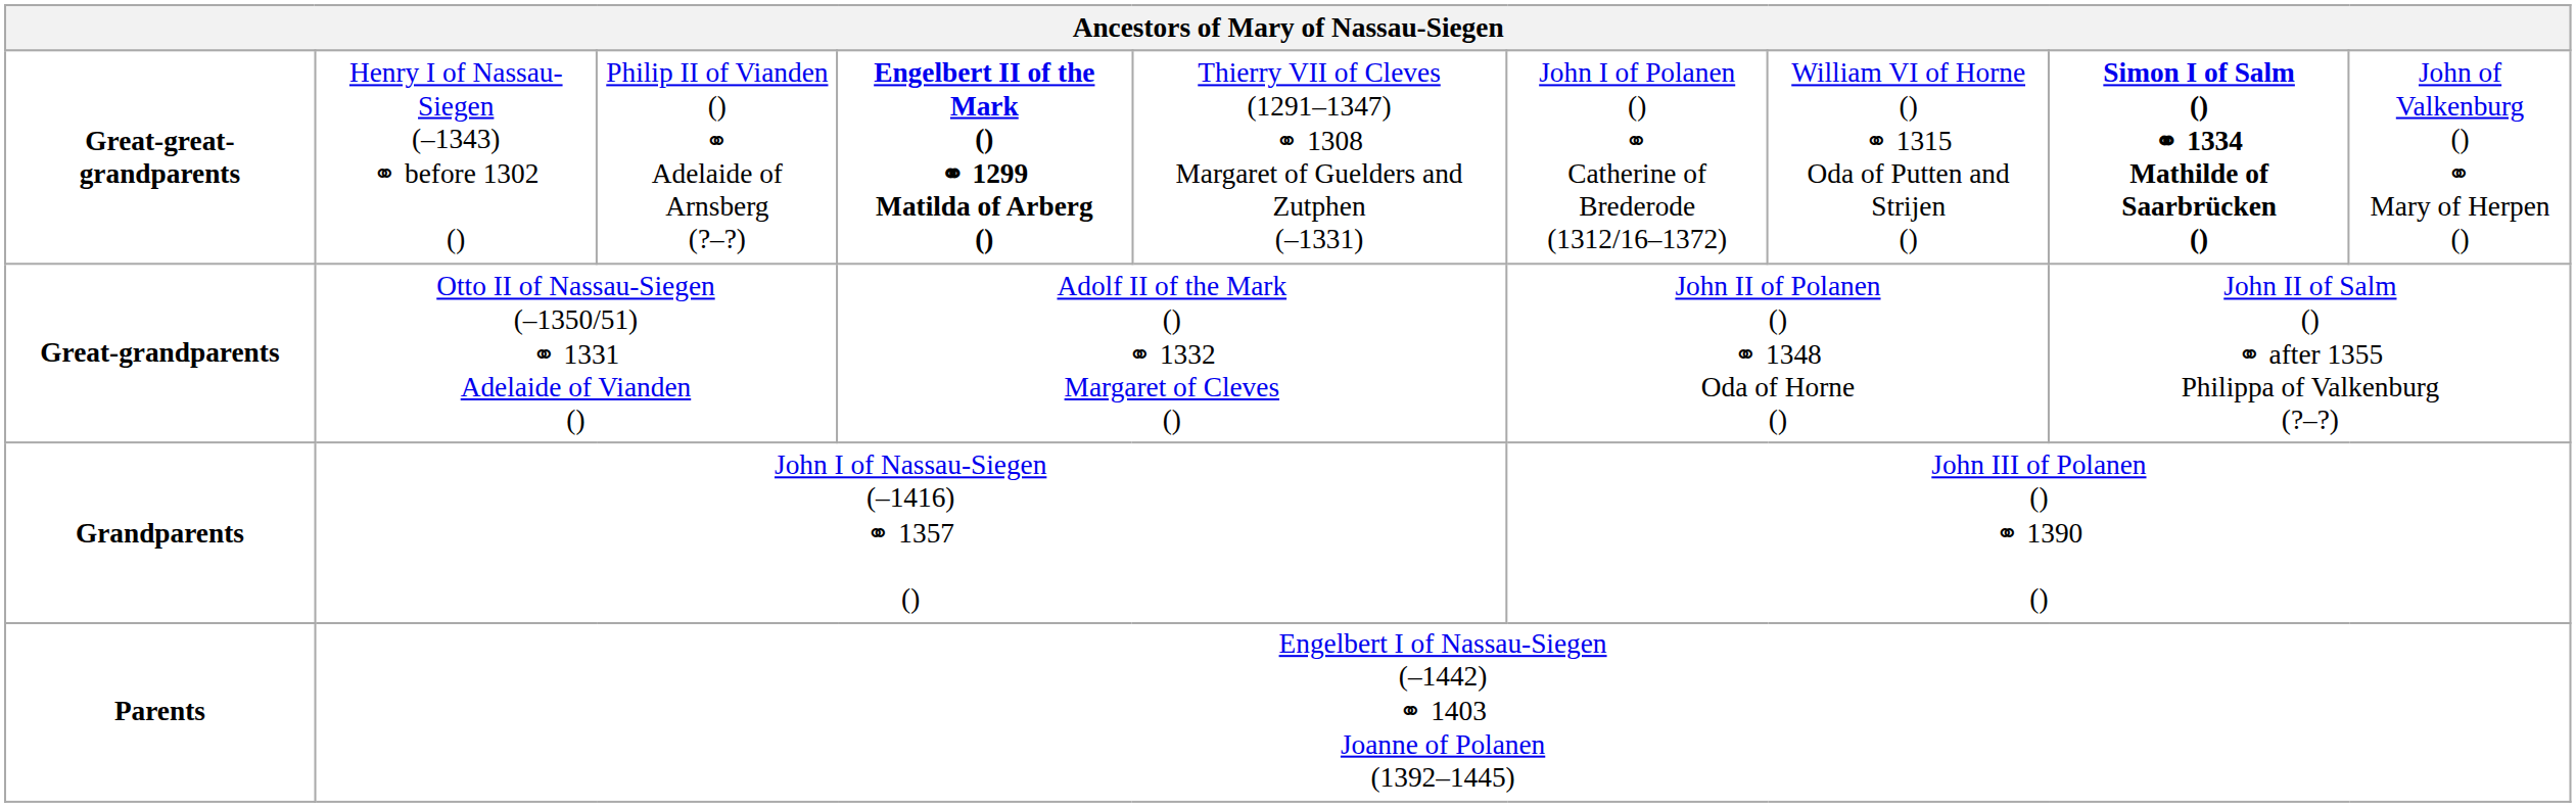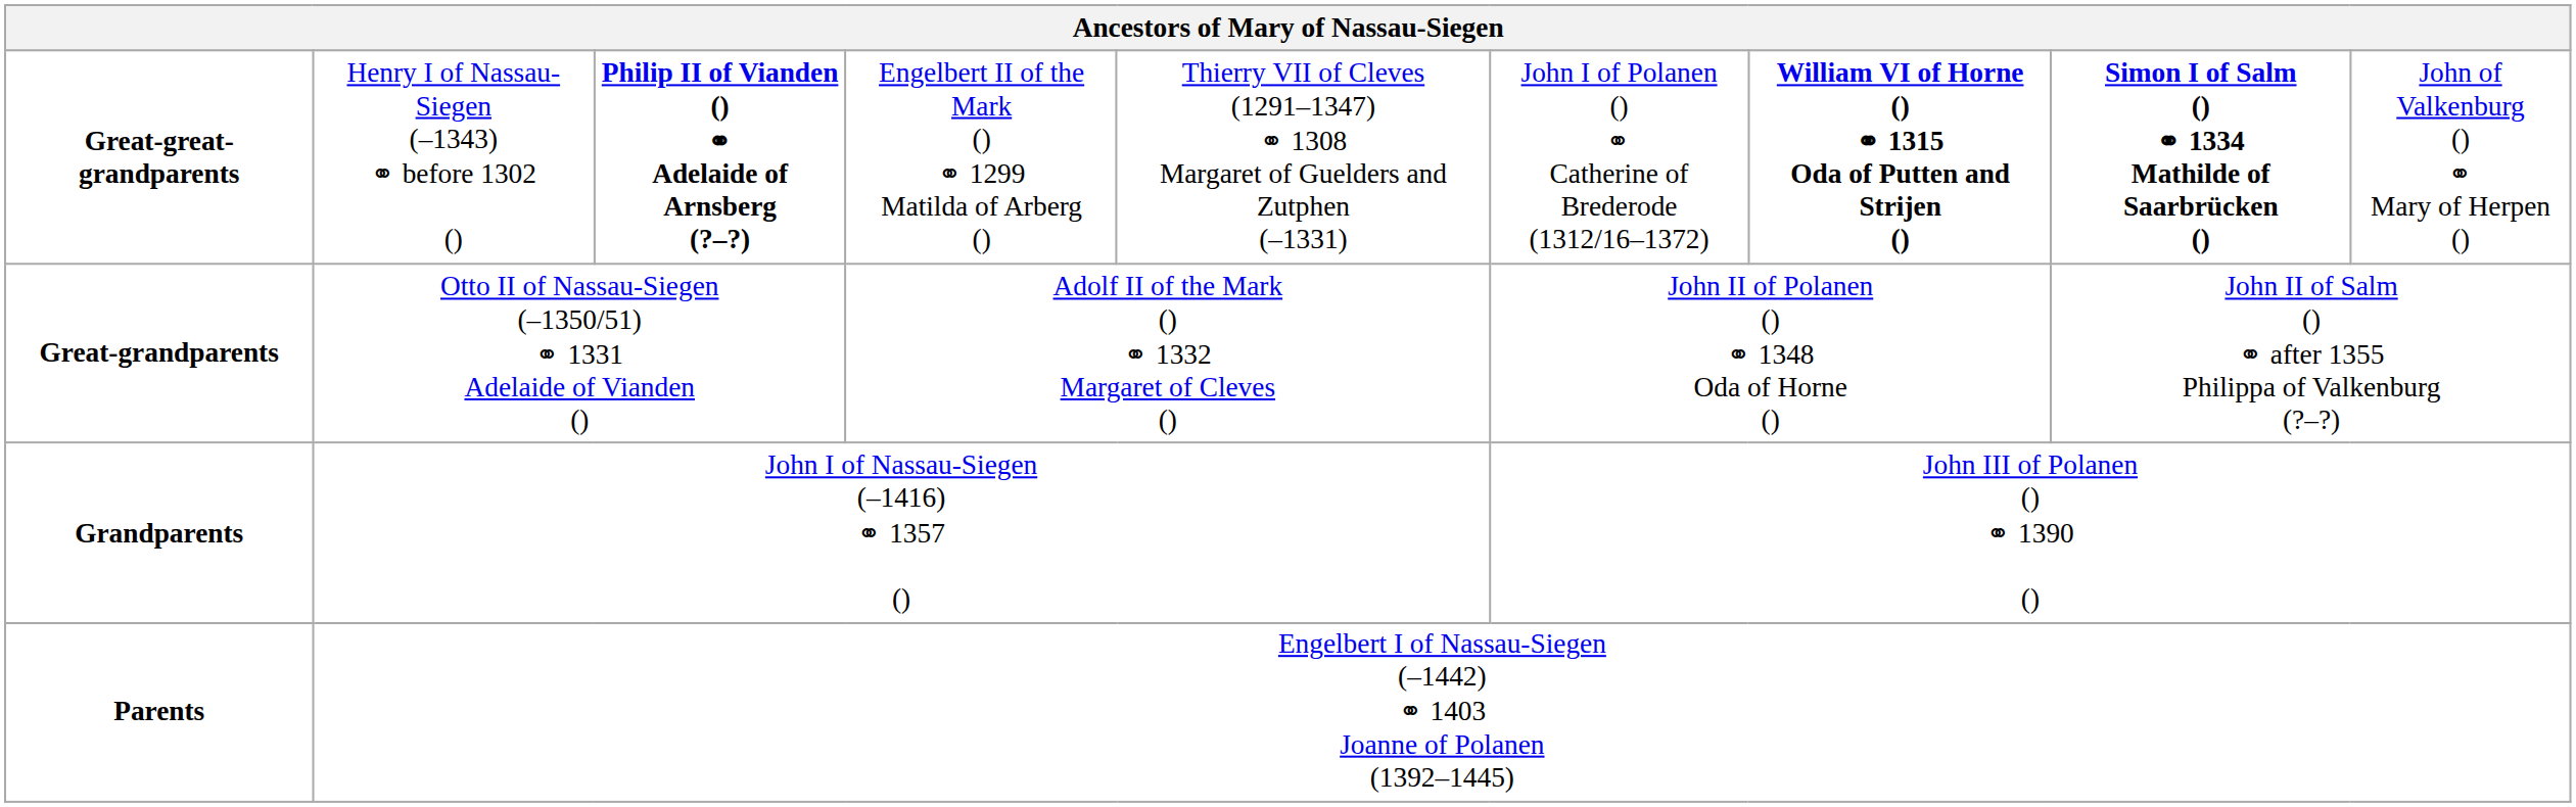 <table class="wikitable" style="background:#FFFFFF; font-size:85%; text-align:center">
 <tr bgcolor="#E0E0E0">
 <th colspan="9">Ancestors of Mary of Nassau-Siegen</th>
 </tr>
 <tr>
 <td><strong>Great-great-grandparents</strong></td>
 <td colspan="1"><a href='#'>Henry I of Nassau-Siegen</a><br>(–1343)<br>⚭ before 1302<br><br>()</td>
-<td colspan="1"><a href='#'>Philip II of Vianden</a><br>()<br>⚭<br>Adelaide of Arnsberg<br>(?–?)</td>
-<td colspan="1"><strong><a href='#'>Engelbert&nbsp;II of the Mark</a><br>()<br>⚭ 1299<br>Matilda of Arberg<br>()</strong></td>
+<td colspan="1"><strong><a href='#'>Philip II of Vianden</a><br>()<br>⚭<br>Adelaide of Arnsberg<br>(?–?)</strong></td>
+<td colspan="1"><a href='#'>Engelbert&nbsp;II of the Mark</a><br>()<br>⚭ 1299<br>Matilda of Arberg<br>()</td>
 <td colspan="1"><a href='#'>Thierry VII of Cleves</a><br>(1291–1347)<br>⚭ 1308<br>Margaret of Guelders and Zutphen<br>(–1331)</td>
 <td colspan="1"><a href='#'>John I of Polanen</a><br>()<br>⚭<br>Catherine of Brederode<br>(1312/16–1372)</td>
-<td colspan="1"><a href='#'>William VI of Horne</a><br>()<br>⚭ 1315<br>Oda of Putten and Strijen<br>()</td>
+<td colspan="1"><strong><a href='#'>William VI of Horne</a><br>()<br>⚭ 1315<br>Oda of Putten and Strijen<br>()</strong></td>
 <td colspan="1"><strong><a href='#'>Simon I of Salm</a><br>()<br>⚭ 1334<br>Mathilde of Saarbrücken<br>()</strong></td>
 <td colspan="1"><a href='#'>John of Valkenburg</a><br>()<br>⚭<br>Mary of Herpen<br>()</td>
 </tr>
 <tr>
 <td><strong>Great-grandparents</strong></td>
 <td colspan="2"><a href='#'>Otto II of Nassau-Siegen</a><br>(–1350/51)<br>⚭ 1331<br><a href='#'>Adelaide of Vianden</a><br>()</td>
 <td colspan="2"><a href='#'>Adolf II of the Mark</a><br>()<br>⚭ 1332<br><a href='#'>Margaret of Cleves</a><br>()</td>
 <td colspan="2"><a href='#'>John II of Polanen</a><br>()<br>⚭ 1348<br>Oda of Horne<br>()</td>
 <td colspan="2"><a href='#'>John II of Salm</a><br>()<br>⚭ after 1355<br>Philippa of Valkenburg<br>(?–?)</td>
 </tr>
 <tr>
 <td><strong>Grandparents</strong></td>
 <td colspan="4"><a href='#'>John I of Nassau-Siegen</a><br>(–1416)<br>⚭ 1357<br><br>()</td>
 <td colspan="4"><a href='#'>John III of Polanen</a><br>()<br>⚭ 1390<br><br>()</td>
 </tr>
 <tr>
 <td><strong>Parents</strong></td>
 <td colspan="8"><a href='#'>Engelbert I of Nassau-Siegen</a><br>(–1442)<br>⚭ 1403<br><a href='#'>Joanne of Polanen</a><br>(1392–1445)</td>
 </tr>
 </table>
